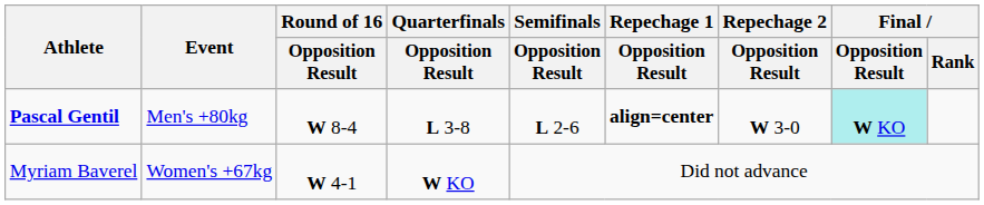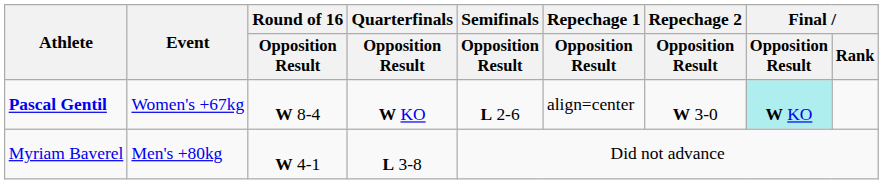 <table class="wikitable" style="font-size:90%;">
 <tr>
 <th rowspan=2>Athlete</th>
 <th rowspan=2>Event</th>
 <th>Round of 16</th>
 <th>Quarterfinals</th>
 <th>Semifinals</th>
 <th>Repechage 1</th>
 <th>Repechage 2</th>
 <th colspan=2>Final / </th>
 </tr>
 <tr style="font-size:95%">
 <th>Opposition<br>Result</th>
 <th>Opposition<br>Result</th>
 <th>Opposition<br>Result</th>
 <th>Opposition<br>Result</th>
 <th>Opposition<br>Result</th>
 <th>Opposition<br>Result</th>
 <th>Rank</th>
 </tr>
 <tr>
 <td align=left><strong><a href='#'>Pascal Gentil</a></strong></td>
-<td align=left><a href='#'>Men's +80kg</a></td>
+<td align=left><a href='#'>Women's +67kg</a></td>
 <td align=center><br><strong>W</strong> 8-4</td>
-<td align=center><br><strong>L</strong> 3-8</td>
+<td align=center><br><strong>W</strong> <a href='#'>KO</a></td>
 <td align=center><br><strong>L</strong> 2-6</td>
-<td><strong>align=center </strong></td>
+<td>align=center </td>
 <td align=center><br><strong>W</strong> 3-0</td>
 <td align=center style="background: paleturquoise;"><br><strong>W</strong> <a href='#'>KO</a></td>
 <td align=center></td>
 </tr>
 <tr>
 <td align=left><a href='#'>Myriam Baverel</a></td>
-<td align=left><a href='#'>Women's +67kg</a></td>
+<td align=left><a href='#'>Men's +80kg</a></td>
 <td align=center><br><strong>W</strong> 4-1</td>
-<td align=center><br><strong>W</strong> <a href='#'>KO</a></td>
+<td align=center><br><strong>L</strong> 3-8</td>
 <td align=center colspan=5>Did not advance</td>
 </tr>
 </table>
